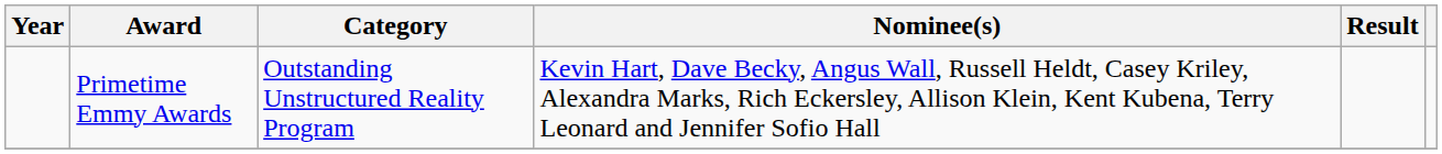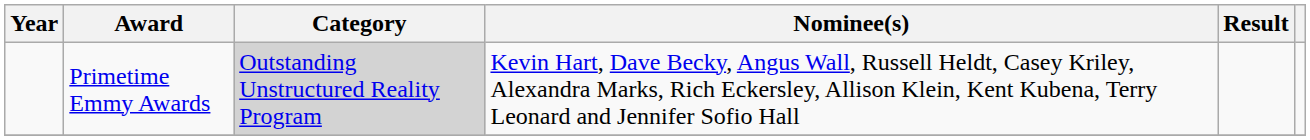 <table class="wikitable sortable">
 <tr>
 <th scope="col">Year</th>
 <th scope="col">Award</th>
 <th scope="col">Category</th>
 <th scope="col">Nominee(s)</th>
 <th scope="col">Result</th>
 <th scope="col" class="unsortable"></th>
 </tr>
 <tr>
 <td></td>
 <td><a href='#'>Primetime Emmy Awards</a></td>
-<td><a href='#'>Outstanding Unstructured Reality Program</a></td>
+<td style="background: lightgrey;"><a href='#'>Outstanding Unstructured Reality Program</a></td>
 <td><a href='#'>Kevin Hart</a>, <a href='#'>Dave Becky</a>, <a href='#'>Angus Wall</a>, Russell Heldt, Casey Kriley, Alexandra Marks, Rich Eckersley, Allison Klein, Kent Kubena, Terry Leonard and Jennifer Sofio Hall</td>
 <td></td>
 <td></td>
 </tr>
 <tr>
 </tr>
 </table>
